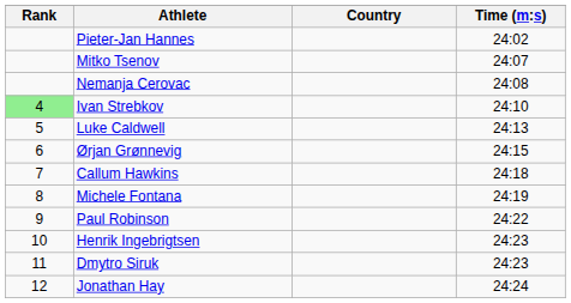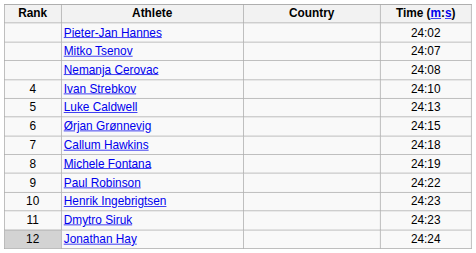 <table class="wikitable" style="text-align:center;" width="50%">
 <tr>
 </tr>
 <tr>
 <th width=5%>Rank</th>
 <th width=20%>Athlete</th>
 <th width=15%>Country</th>
 <th width=10%>Time (<a href='#'>m</a>:<a href='#'>s</a>)</th>
 </tr>
 <tr>
 <td></td>
 <td align="left"><a href='#'>Pieter-Jan Hannes</a></td>
 <td align="left"></td>
 <td>24:02</td>
 </tr>
 <tr>
 <td></td>
 <td align="left"><a href='#'>Mitko Tsenov</a></td>
 <td align="left"></td>
 <td>24:07</td>
 </tr>
 <tr>
 <td></td>
 <td align="left"><a href='#'>Nemanja Cerovac</a></td>
 <td align="left"></td>
 <td>24:08</td>
 </tr>
 <tr>
-<td style="background: lightgreen;">4</td>
+<td>4</td>
 <td align="left"><a href='#'>Ivan Strebkov</a></td>
 <td align="left"></td>
 <td>24:10</td>
 </tr>
 <tr>
 <td>5</td>
 <td align="left"><a href='#'>Luke Caldwell</a></td>
 <td align="left"></td>
 <td>24:13</td>
 </tr>
 <tr>
 <td>6</td>
 <td align="left"><a href='#'>Ørjan Grønnevig</a></td>
 <td align="left"></td>
 <td>24:15</td>
 </tr>
 <tr>
 <td>7</td>
 <td align="left"><a href='#'>Callum Hawkins</a></td>
 <td align="left"></td>
 <td>24:18</td>
 </tr>
 <tr>
 <td>8</td>
 <td align="left"><a href='#'>Michele Fontana</a></td>
 <td align="left"></td>
 <td>24:19</td>
 </tr>
 <tr>
 <td>9</td>
 <td align="left"><a href='#'>Paul Robinson</a></td>
 <td align="left"></td>
 <td>24:22</td>
 </tr>
 <tr>
 <td>10</td>
 <td align="left"><a href='#'>Henrik Ingebrigtsen</a></td>
 <td align="left"></td>
 <td>24:23</td>
 </tr>
 <tr>
 <td>11</td>
 <td align="left"><a href='#'>Dmytro Siruk</a></td>
 <td align="left"></td>
 <td>24:23</td>
 </tr>
 <tr>
-<td>12</td>
+<td style="background: lightgrey;">12</td>
 <td align="left"><a href='#'>Jonathan Hay</a></td>
 <td align="left"></td>
 <td>24:24</td>
 </tr>
 </table>
